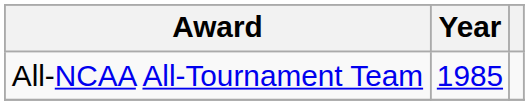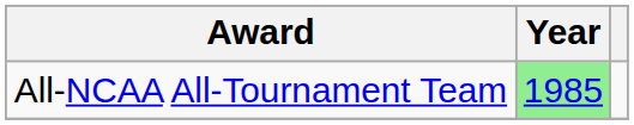 <table class="wikitable">
 <tr>
 <th>Award</th>
 <th>Year</th>
 <th></th>
 </tr>
 <tr>
 <td>All-<a href='#'>NCAA</a> <a href='#'>All-Tournament Team</a></td>
-<td><a href='#'>1985</a></td>
+<td style="background: lightgreen;"><a href='#'>1985</a></td>
 <td></td>
 </tr>
 <tr>
 </tr>
 </table>
